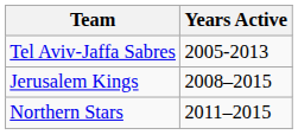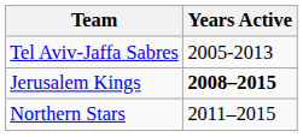 <table class="wikitable">
 <tr>
 <th>Team</th>
 <th>Years Active</th>
 </tr>
 <tr>
 <td><a href='#'>Tel Aviv-Jaffa Sabres</a></td>
 <td>2005-2013</td>
 </tr>
 <tr>
 <td><a href='#'>Jerusalem Kings</a></td>
-<td>2008–2015</td>
+<td><strong>2008–2015</strong></td>
 </tr>
 <tr>
 <td><a href='#'>Northern Stars</a></td>
 <td>2011–2015</td>
 </tr>
 </table>
